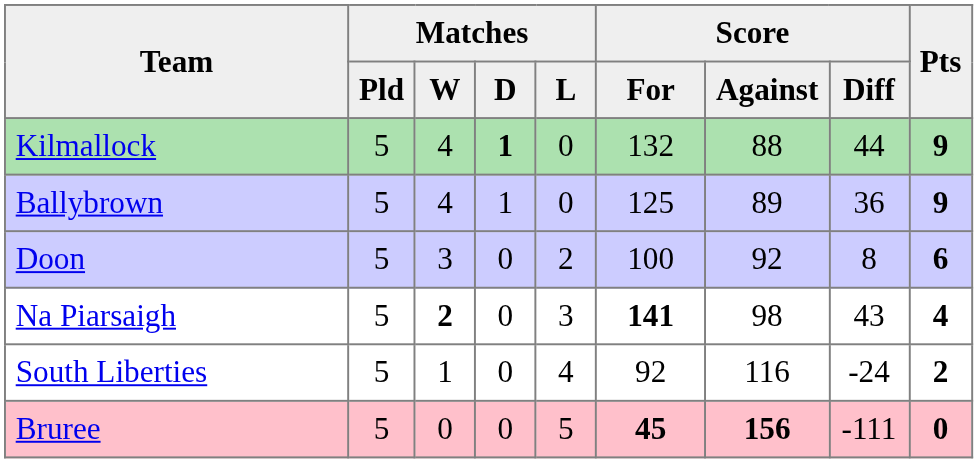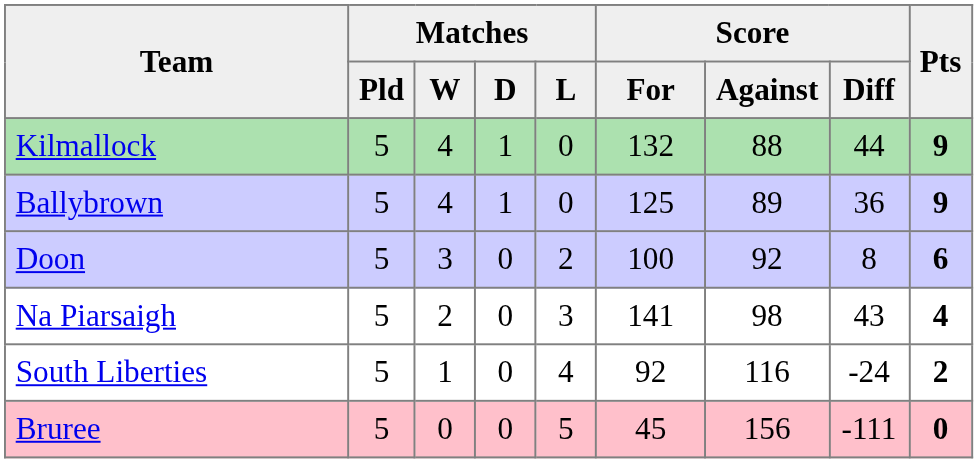 <table style=border-collapse:collapse border=1 cellspacing=0 cellpadding=5>
 <tr align=center bgcolor=#efefef>
 <th rowspan=2 width=165>Team</th>
 <th colspan=4>Matches</th>
 <th colspan=3>Score</th>
 <th rowspan=2width=20>Pts</th>
 </tr>
 <tr align=center bgcolor=#efefef>
 <th width=20>Pld</th>
 <th width=20>W</th>
 <th width=20>D</th>
 <th width=20>L</th>
 <th width=45>For</th>
 <th width=45>Against</th>
 <th width=30>Diff</th>
 </tr>
 <tr align=center  style="background:#ACE1AF;">
 <td style="text-align:left;"><a href='#'>Kilmallock</a></td>
 <td>5</td>
 <td>4</td>
-<td><strong>1</strong></td>
+<td>1</td>
 <td>0</td>
 <td>132</td>
 <td>88</td>
 <td>44</td>
 <td><strong>9</strong></td>
 </tr>
 <tr align=center style="background:#ccccff;">
 <td style="text-align:left;"><a href='#'>Ballybrown</a></td>
 <td>5</td>
 <td>4</td>
 <td>1</td>
 <td>0</td>
 <td>125</td>
 <td>89</td>
 <td>36</td>
 <td><strong>9</strong></td>
 </tr>
 <tr align=center style="background:#ccccff;">
 <td style="text-align:left;"><a href='#'>Doon</a></td>
 <td>5</td>
 <td>3</td>
 <td>0</td>
 <td>2</td>
 <td>100</td>
 <td>92</td>
 <td>8</td>
 <td><strong>6</strong></td>
 </tr>
 <tr align=center>
 <td style="text-align:left;"><a href='#'>Na Piarsaigh</a></td>
 <td>5</td>
-<td><strong>2</strong></td>
+<td>2</td>
 <td>0</td>
 <td>3</td>
-<td><strong>141</strong></td>
+<td>141</td>
 <td>98</td>
 <td>43</td>
 <td><strong>4</strong></td>
 </tr>
 <tr align=center>
 <td style="text-align:left;"><a href='#'>South Liberties</a></td>
 <td>5</td>
 <td>1</td>
 <td>0</td>
 <td>4</td>
 <td>92</td>
 <td>116</td>
 <td>-24</td>
 <td><strong>2</strong></td>
 </tr>
 <tr align=center style="background:#FFC0CB;">
 <td style="text-align:left;"><a href='#'>Bruree</a></td>
 <td>5</td>
 <td>0</td>
 <td>0</td>
 <td>5</td>
-<td><strong>45</strong></td>
-<td><strong>156</strong></td>
+<td>45</td>
+<td>156</td>
 <td>-111</td>
 <td><strong>0</strong></td>
 </tr>
 </table>
